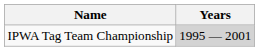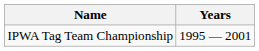 <table class="wikitable" border="1">
 <tr>
 <th>Name</th>
 <th>Years</th>
 </tr>
 <tr>
 <td>IPWA Tag Team Championship</td>
-<td style="background: lightgrey;">1995 — 2001</td>
+<td>1995 — 2001</td>
 </tr>
 </table>
